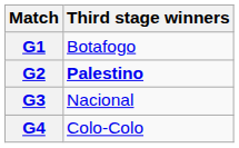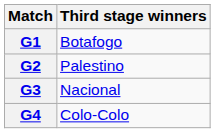 <table class="wikitable">
 <tr>
 <th>Match</th>
 <th>Third stage winners</th>
 </tr>
 <tr>
 <th><a href='#'>G1</a></th>
 <td> <a href='#'>Botafogo</a></td>
 </tr>
 <tr>
 <th><a href='#'>G2</a></th>
-<td><strong> <a href='#'>Palestino</a></strong></td>
+<td> <a href='#'>Palestino</a></td>
 </tr>
 <tr>
 <th><a href='#'>G3</a></th>
 <td> <a href='#'>Nacional</a></td>
 </tr>
 <tr>
 <th><a href='#'>G4</a></th>
 <td> <a href='#'>Colo-Colo</a></td>
 </tr>
 </table>
